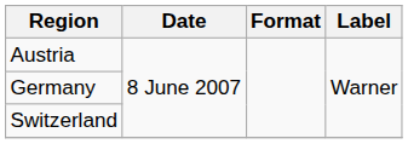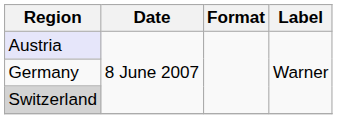 <table class="wikitable">
 <tr>
 <th scope="col">Region</th>
 <th scope="col">Date</th>
 <th scope="col">Format</th>
 <th scope="col">Label</th>
 </tr>
 <tr>
-<td>Austria</td>
+<td style="background: lavender;">Austria</td>
 <td rowspan="3">8 June 2007</td>
 <td rowspan="3"></td>
 <td rowspan="3">Warner</td>
 </tr>
 <tr>
 <td>Germany</td>
 </tr>
 <tr>
-<td>Switzerland</td>
+<td style="background: lightgrey;">Switzerland</td>
 </tr>
 <tr>
 </tr>
 </table>
